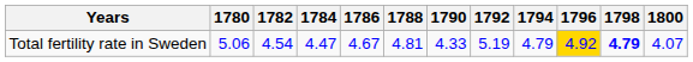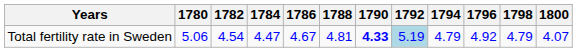 <table class="wikitable " style="text-align:right">
 <tr>
 <th>Years</th>
 <th>1780</th>
 <th>1782</th>
 <th>1784</th>
 <th>1786</th>
 <th>1788</th>
 <th>1790</th>
 <th>1792</th>
 <th>1794</th>
 <th>1796</th>
 <th>1798</th>
 <th>1800</th>
 </tr>
 <tr>
 <td style="text-align:left;">Total fertility rate in Sweden</td>
 <td style="text-align:right; color:blue;">5.06</td>
 <td style="text-align:right; color:blue;">4.54</td>
 <td style="text-align:right; color:blue;">4.47</td>
 <td style="text-align:right; color:blue;">4.67</td>
 <td style="text-align:right; color:blue;">4.81</td>
-<td style="text-align:right; color:blue;">4.33</td>
-<td style="text-align:right; color:blue;">5.19</td>
+<td style="text-align:right; color:blue;"><strong>4.33</strong></td>
+<td style="background: lightblue; text-align:right; color:blue;">5.19</td>
 <td style="text-align:right; color:blue;">4.79</td>
-<td style="background: gold; text-align:right; color:blue;">4.92</td>
-<td style="text-align:right; color:blue;"><strong>4.79</strong></td>
+<td style="text-align:right; color:blue;">4.92</td>
+<td style="text-align:right; color:blue;">4.79</td>
 <td style="text-align:right; color:blue;">4.07</td>
 </tr>
 </table>
